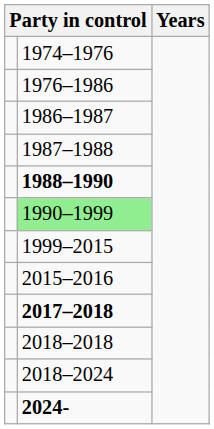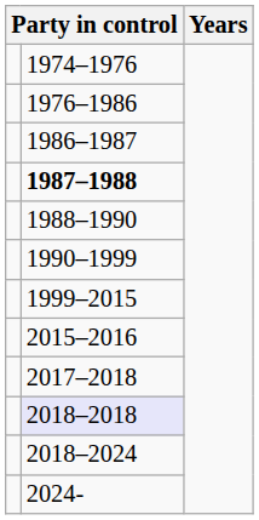 <table class="wikitable">
 <tr>
 <th colspan="2">Party in control</th>
 <th>Years</th>
 </tr>
 <tr>
 <td></td>
 <td>1974–1976</td>
 </tr>
 <tr>
 <td></td>
 <td>1976–1986</td>
 </tr>
 <tr>
 <td></td>
 <td>1986–1987</td>
 </tr>
 <tr>
 <td></td>
-<td>1987–1988</td>
+<td><strong>1987–1988</strong></td>
 </tr>
 <tr>
 <td></td>
-<td><strong>1988–1990</strong></td>
+<td>1988–1990</td>
 </tr>
 <tr>
 <td></td>
-<td style="background: lightgreen;">1990–1999</td>
+<td>1990–1999</td>
 </tr>
 <tr>
 <td></td>
 <td>1999–2015</td>
 </tr>
 <tr>
 <td></td>
 <td>2015–2016</td>
 </tr>
 <tr>
 <td></td>
-<td><strong>2017–2018</strong></td>
+<td>2017–2018</td>
 </tr>
 <tr>
 <td></td>
-<td>2018–2018</td>
+<td style="background: lavender;">2018–2018</td>
 </tr>
 <tr>
 <td></td>
 <td>2018–2024</td>
 </tr>
 <tr>
 <td></td>
-<td><strong>2024-</strong></td>
+<td>2024-</td>
 </tr>
 </table>
